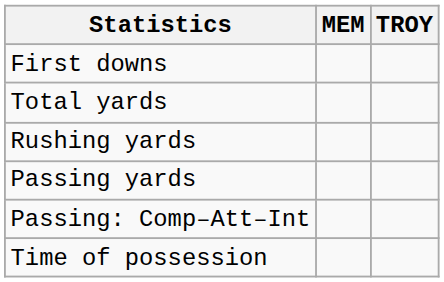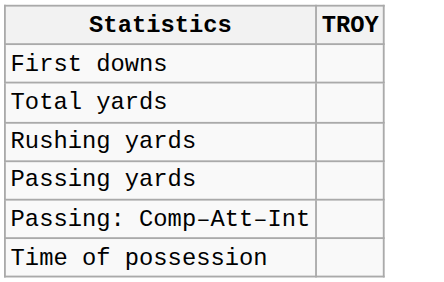 <table class="wikitable" style="float: left;">
 <tr>
 <th>Statistics</th>
-<th>MEM</th>
 <th>TROY</th>
 </tr>
 <tr>
 <td>First downs</td>
 <td></td>
-<td></td>
 </tr>
 <tr>
 <td>Total yards</td>
-<td></td>
 <td></td>
 </tr>
 <tr>
 <td>Rushing yards</td>
 <td></td>
-<td></td>
 </tr>
 <tr>
 <td>Passing yards</td>
-<td></td>
 <td></td>
 </tr>
 <tr>
 <td>Passing: Comp–Att–Int</td>
 <td></td>
-<td></td>
 </tr>
 <tr>
 <td>Time of possession</td>
 <td></td>
-<td></td>
 </tr>
 </table>
